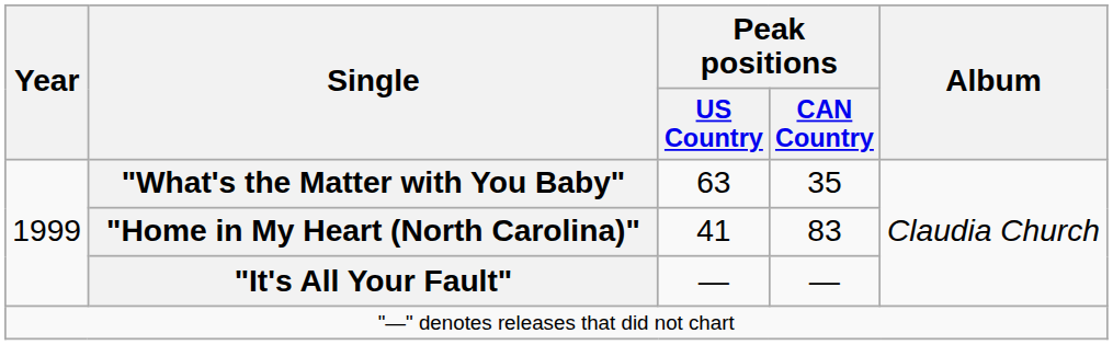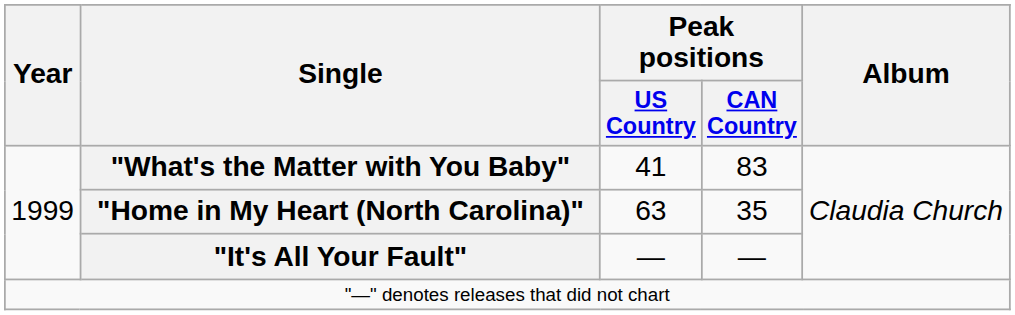 <table class="wikitable plainrowheaders" style="text-align:center;">
 <tr>
 <th rowspan="2">Year</th>
 <th rowspan="2" style="width:18em;">Single</th>
 <th colspan="2">Peak positions</th>
 <th rowspan="2">Album</th>
 </tr>
 <tr style="font-size:smaller;">
 <th width="45"><a href='#'>US Country</a><br></th>
 <th width="45"><a href='#'>CAN Country</a><br></th>
 </tr>
 <tr>
 <td rowspan="3">1999</td>
 <th scope="row">"What's the Matter with You Baby"</th>
-<td>63</td>
-<td>35</td>
+<td>41</td>
+<td>83</td>
 <td rowspan="3"><em>Claudia Church</em></td>
 </tr>
 <tr>
 <th scope="row">"Home in My Heart (North Carolina)"</th>
-<td>41</td>
-<td>83</td>
+<td>63</td>
+<td>35</td>
 </tr>
 <tr>
 <th scope="row">"It's All Your Fault"</th>
 <td>—</td>
 <td>—</td>
 </tr>
 <tr>
 <td colspan="5" style="font-size:8pt">"—" denotes releases that did not chart</td>
 </tr>
 </table>
